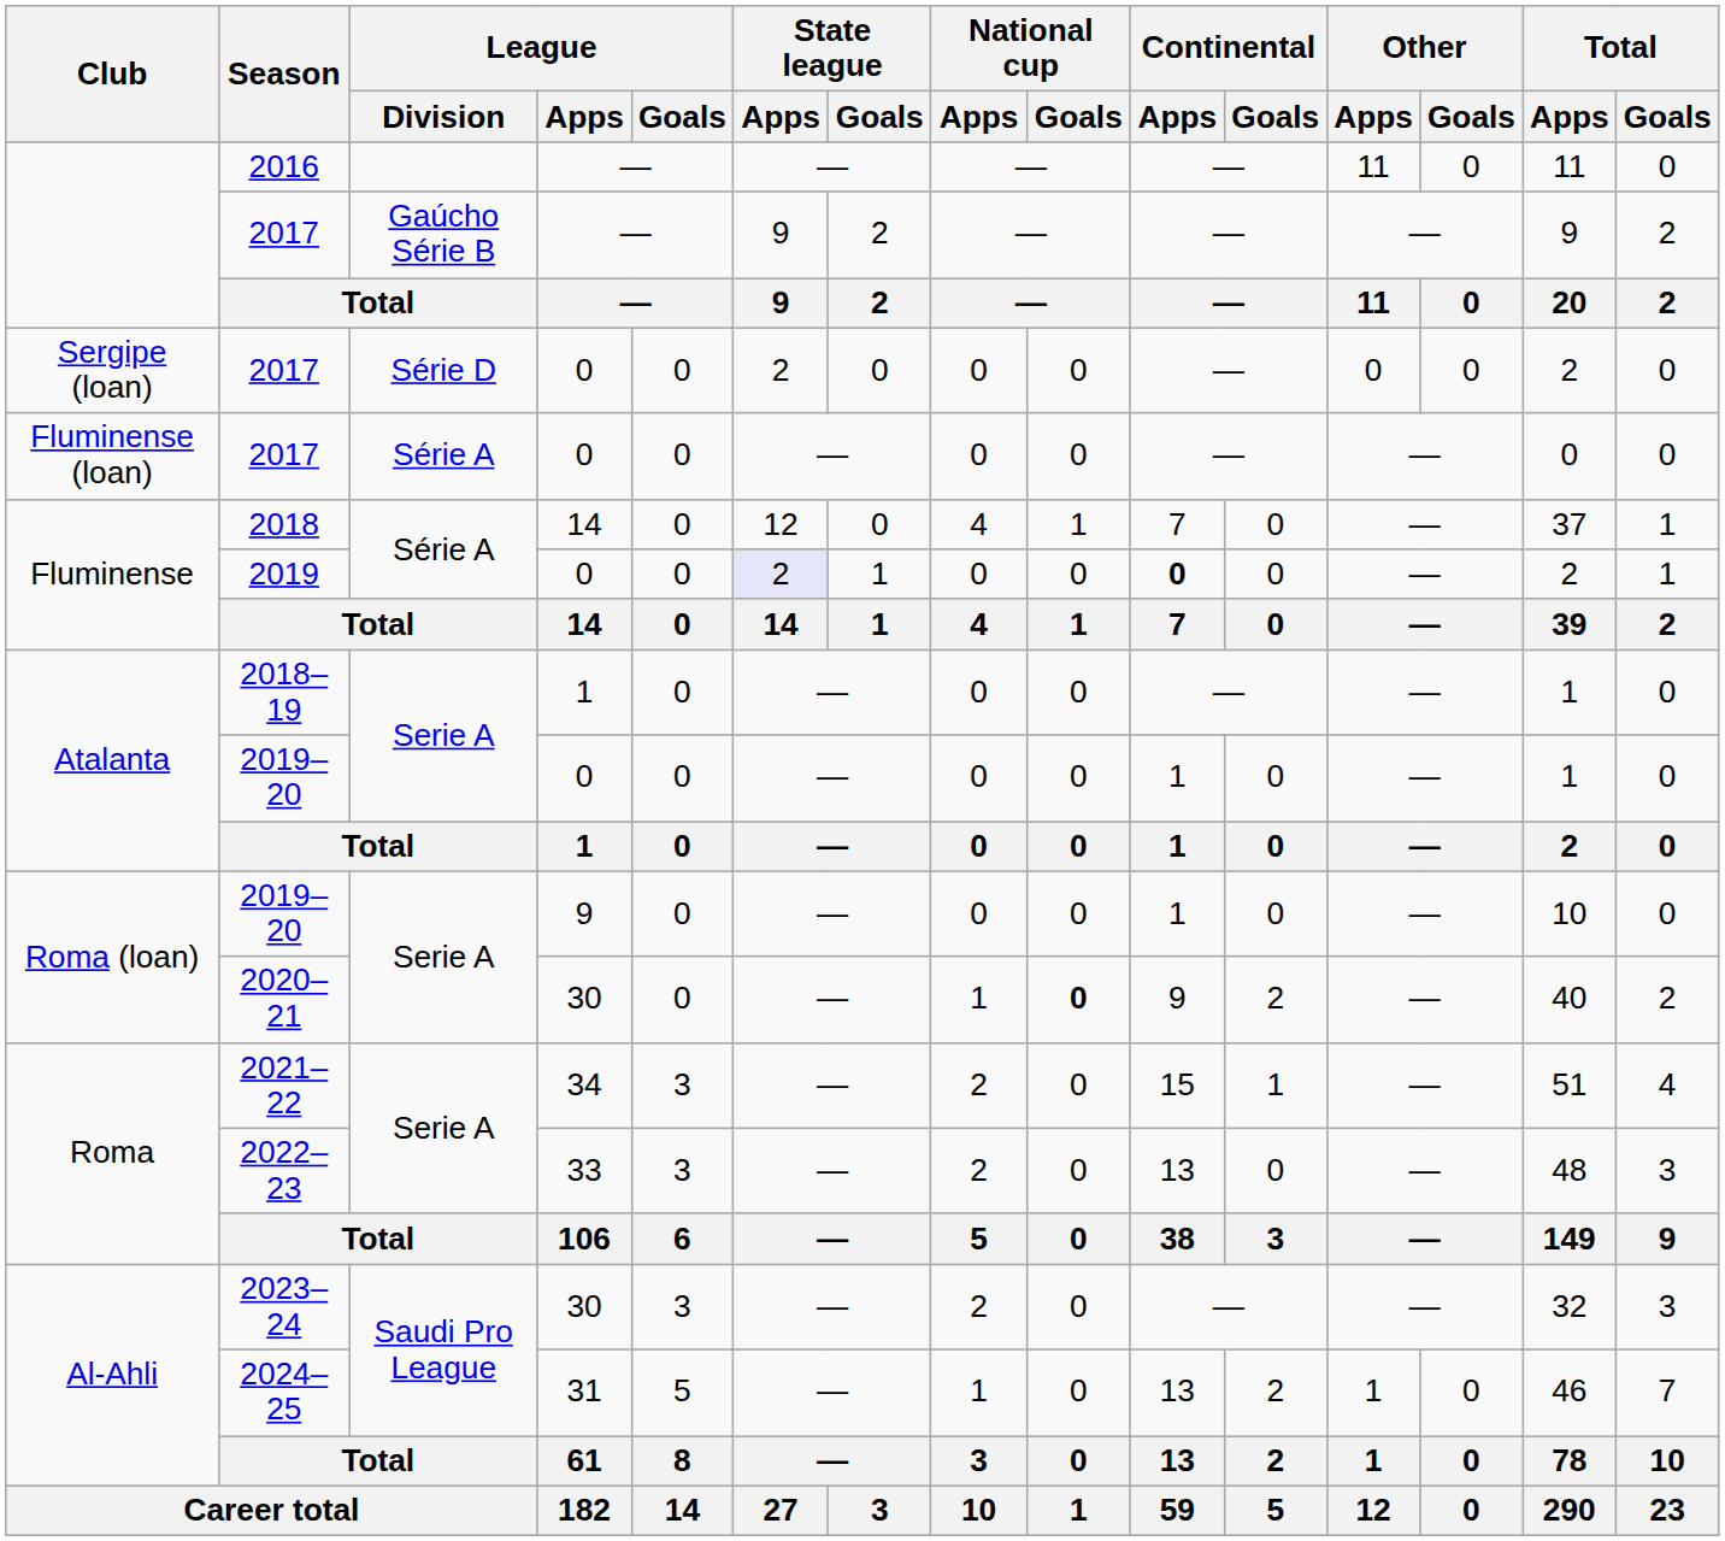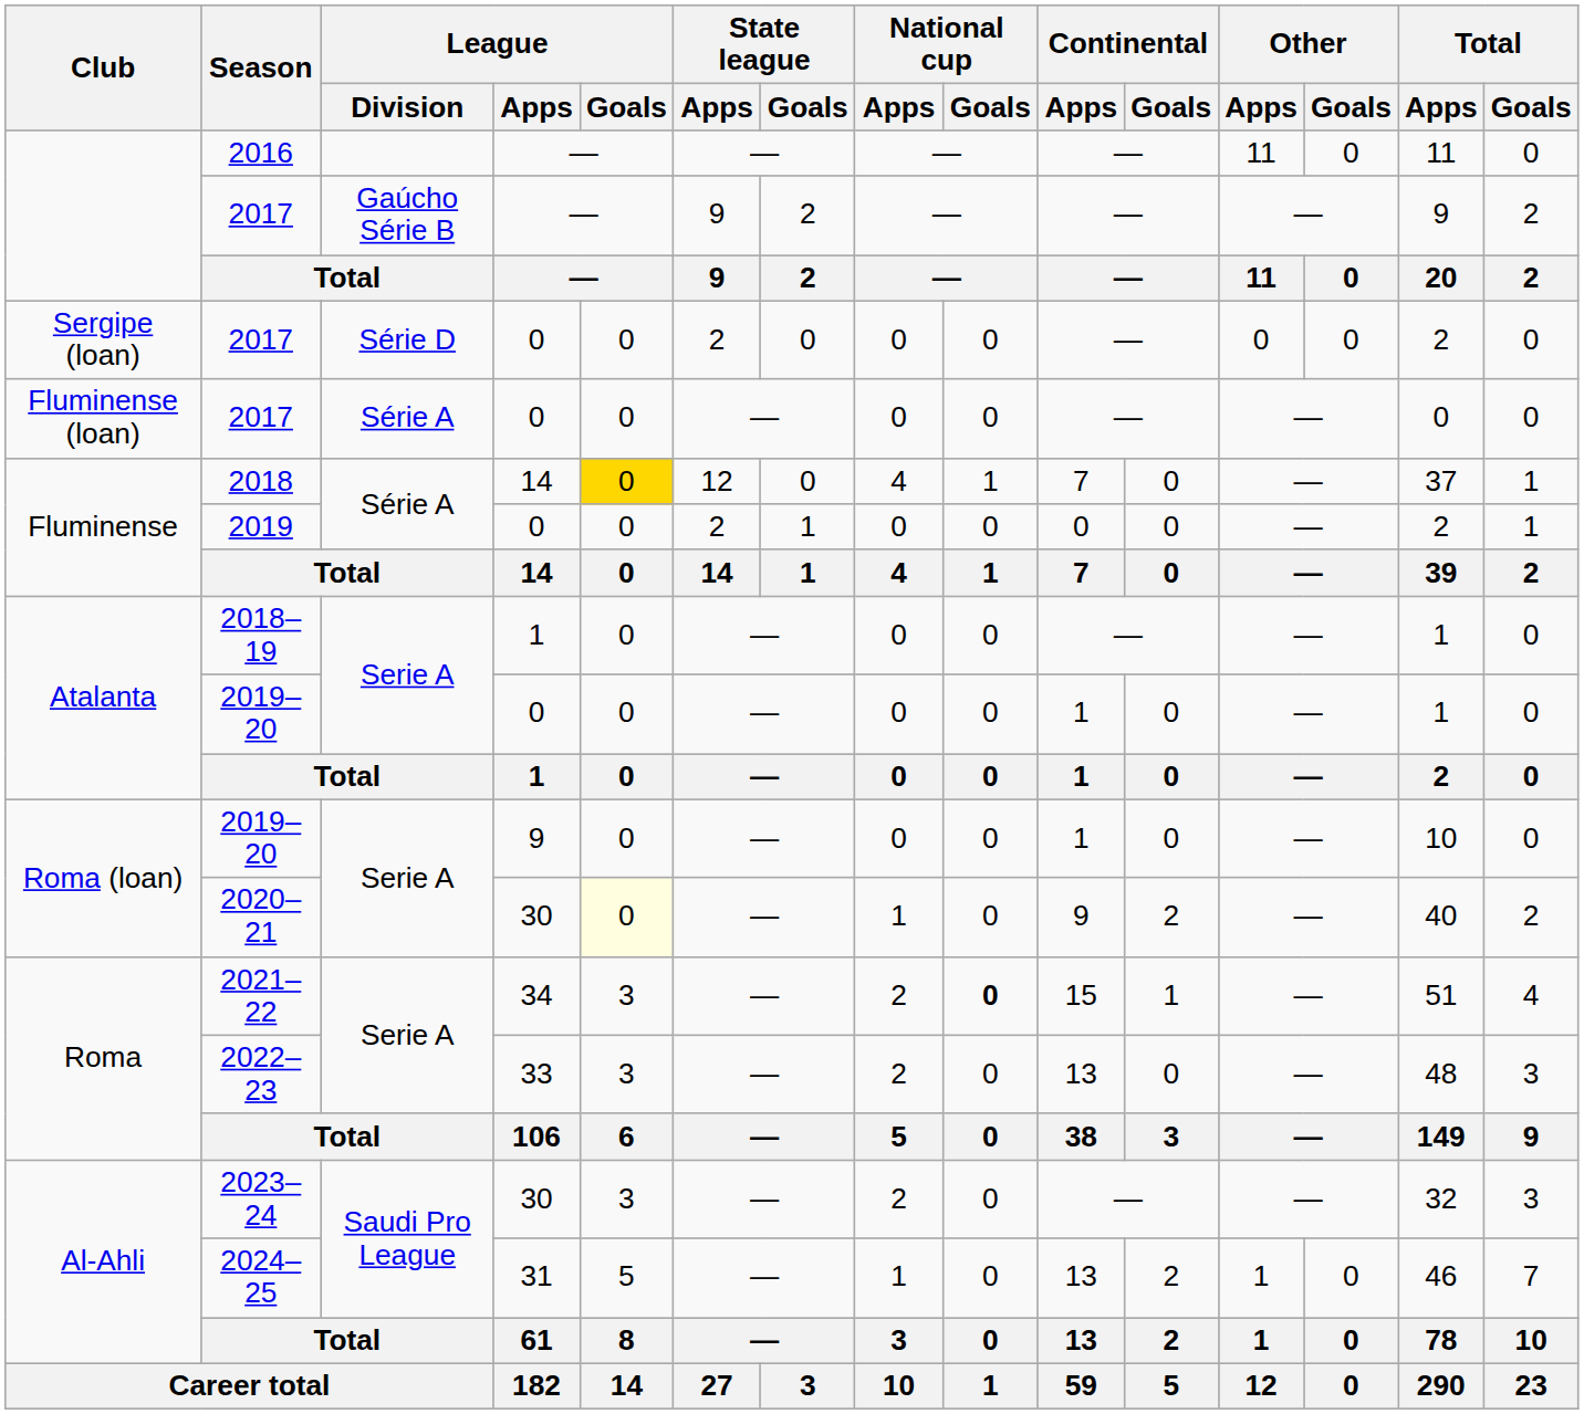 <table class="wikitable" style="text-align:center">
 <tr>
 <th rowspan="2">Club</th>
 <th rowspan="2">Season</th>
 <th colspan="3">League</th>
 <th colspan="2">State league</th>
 <th colspan="2">National cup</th>
 <th colspan="2">Continental</th>
 <th colspan="2">Other</th>
 <th colspan="2">Total</th>
 </tr>
 <tr>
 <th>Division</th>
 <th>Apps</th>
 <th>Goals</th>
 <th>Apps</th>
 <th>Goals</th>
 <th>Apps</th>
 <th>Goals</th>
 <th>Apps</th>
 <th>Goals</th>
 <th>Apps</th>
 <th>Goals</th>
 <th>Apps</th>
 <th>Goals</th>
 </tr>
 <tr>
 <td rowspan="3"></td>
 <td><a href='#'>2016</a></td>
 <td></td>
 <td colspan="2">—</td>
 <td colspan="2">—</td>
 <td colspan="2">—</td>
 <td colspan="2">—</td>
 <td>11</td>
 <td>0</td>
 <td>11</td>
 <td>0</td>
 </tr>
 <tr>
 <td><a href='#'>2017</a></td>
 <td><a href='#'>Gaúcho Série B</a></td>
 <td colspan="2">—</td>
 <td>9</td>
 <td>2</td>
 <td colspan="2">—</td>
 <td colspan="2">—</td>
 <td colspan="2">—</td>
 <td>9</td>
 <td>2</td>
 </tr>
 <tr>
 <th colspan="2">Total</th>
 <th colspan="2">—</th>
 <th>9</th>
 <th>2</th>
 <th colspan="2">—</th>
 <th colspan="2">—</th>
 <th>11</th>
 <th>0</th>
 <th>20</th>
 <th>2</th>
 </tr>
 <tr>
 <td><a href='#'>Sergipe</a> (loan)</td>
 <td><a href='#'>2017</a></td>
 <td><a href='#'>Série D</a></td>
 <td>0</td>
 <td>0</td>
 <td>2</td>
 <td>0</td>
 <td>0</td>
 <td>0</td>
 <td colspan="2">—</td>
 <td>0</td>
 <td>0</td>
 <td>2</td>
 <td>0</td>
 </tr>
 <tr>
 <td><a href='#'>Fluminense</a> (loan)</td>
 <td><a href='#'>2017</a></td>
 <td><a href='#'>Série A</a></td>
 <td>0</td>
 <td>0</td>
 <td colspan="2">—</td>
 <td>0</td>
 <td>0</td>
 <td colspan="2">—</td>
 <td colspan="2">—</td>
 <td>0</td>
 <td>0</td>
 </tr>
 <tr>
 <td rowspan="3">Fluminense</td>
 <td><a href='#'>2018</a></td>
 <td rowspan="2">Série A</td>
 <td>14</td>
-<td>0</td>
+<td style="background: gold;">0</td>
 <td>12</td>
 <td>0</td>
 <td>4</td>
 <td>1</td>
 <td>7</td>
 <td>0</td>
 <td colspan="2">—</td>
 <td>37</td>
 <td>1</td>
 </tr>
 <tr>
 <td><a href='#'>2019</a></td>
 <td>0</td>
 <td>0</td>
-<td style="background: lavender;">2</td>
+<td>2</td>
 <td>1</td>
 <td>0</td>
 <td>0</td>
-<td><strong>0</strong></td>
+<td>0</td>
 <td>0</td>
 <td colspan="2">—</td>
 <td>2</td>
 <td>1</td>
 </tr>
 <tr>
 <th colspan="2">Total</th>
 <th>14</th>
 <th>0</th>
 <th>14</th>
 <th>1</th>
 <th>4</th>
 <th>1</th>
 <th>7</th>
 <th>0</th>
 <th colspan="2">—</th>
 <th>39</th>
 <th>2</th>
 </tr>
 <tr>
 <td rowspan="3"><a href='#'>Atalanta</a></td>
 <td><a href='#'>2018–19</a></td>
 <td rowspan="2"><a href='#'>Serie A</a></td>
 <td>1</td>
 <td>0</td>
 <td colspan="2">—</td>
 <td>0</td>
 <td>0</td>
 <td colspan="2">—</td>
 <td colspan="2">—</td>
 <td>1</td>
 <td>0</td>
 </tr>
 <tr>
 <td><a href='#'>2019–20</a></td>
 <td>0</td>
 <td>0</td>
 <td colspan="2">—</td>
 <td>0</td>
 <td>0</td>
 <td>1</td>
 <td>0</td>
 <td colspan="2">—</td>
 <td>1</td>
 <td>0</td>
 </tr>
 <tr>
 <th colspan="2">Total</th>
 <th>1</th>
 <th>0</th>
 <th colspan="2">—</th>
 <th>0</th>
 <th>0</th>
 <th>1</th>
 <th>0</th>
 <th colspan="2">—</th>
 <th>2</th>
 <th>0</th>
 </tr>
 <tr>
 <td rowspan="2"><a href='#'>Roma</a> (loan)</td>
 <td><a href='#'>2019–20</a></td>
 <td rowspan="2">Serie A</td>
 <td>9</td>
 <td>0</td>
 <td colspan="2">—</td>
 <td>0</td>
 <td>0</td>
 <td>1</td>
 <td>0</td>
 <td colspan="2">—</td>
 <td>10</td>
 <td>0</td>
 </tr>
 <tr>
 <td><a href='#'>2020–21</a></td>
 <td>30</td>
-<td>0</td>
+<td style="background: lightyellow;">0</td>
 <td colspan="2">—</td>
 <td>1</td>
-<td><strong>0</strong></td>
+<td>0</td>
 <td>9</td>
 <td>2</td>
 <td colspan="2">—</td>
 <td>40</td>
 <td>2</td>
 </tr>
 <tr>
 <td rowspan="3">Roma</td>
 <td><a href='#'>2021–22</a></td>
 <td rowspan="2">Serie A</td>
 <td>34</td>
 <td>3</td>
 <td colspan="2">—</td>
 <td>2</td>
-<td>0</td>
+<td><strong>0</strong></td>
 <td>15</td>
 <td>1</td>
 <td colspan="2">—</td>
 <td>51</td>
 <td>4</td>
 </tr>
 <tr>
 <td><a href='#'>2022–23</a></td>
 <td>33</td>
 <td>3</td>
 <td colspan="2">—</td>
 <td>2</td>
 <td>0</td>
 <td>13</td>
 <td>0</td>
 <td colspan="2">—</td>
 <td>48</td>
 <td>3</td>
 </tr>
 <tr>
 <th colspan="2">Total</th>
 <th>106</th>
 <th>6</th>
 <th colspan="2">—</th>
 <th>5</th>
 <th>0</th>
 <th>38</th>
 <th>3</th>
 <th colspan="2">—</th>
 <th>149</th>
 <th>9</th>
 </tr>
 <tr>
 <td rowspan="3"><a href='#'>Al-Ahli</a></td>
 <td><a href='#'>2023–24</a></td>
 <td rowspan="2"><a href='#'>Saudi Pro League</a></td>
 <td>30</td>
 <td>3</td>
 <td colspan="2">—</td>
 <td>2</td>
 <td>0</td>
 <td colspan="2">—</td>
 <td colspan="2">—</td>
 <td>32</td>
 <td>3</td>
 </tr>
 <tr>
 <td><a href='#'>2024–25</a></td>
 <td>31</td>
 <td>5</td>
 <td colspan="2">—</td>
 <td>1</td>
 <td>0</td>
 <td>13</td>
 <td>2</td>
 <td>1</td>
 <td>0</td>
 <td>46</td>
 <td>7</td>
 </tr>
 <tr>
 <th colspan="2">Total</th>
 <th>61</th>
 <th>8</th>
 <th colspan="2">—</th>
 <th>3</th>
 <th>0</th>
 <th>13</th>
 <th>2</th>
 <th>1</th>
 <th>0</th>
 <th>78</th>
 <th>10</th>
 </tr>
 <tr>
 <th colspan="3">Career total</th>
 <th>182</th>
 <th>14</th>
 <th>27</th>
 <th>3</th>
 <th>10</th>
 <th>1</th>
 <th>59</th>
 <th>5</th>
 <th>12</th>
 <th>0</th>
 <th>290</th>
 <th>23</th>
 </tr>
 </table>
